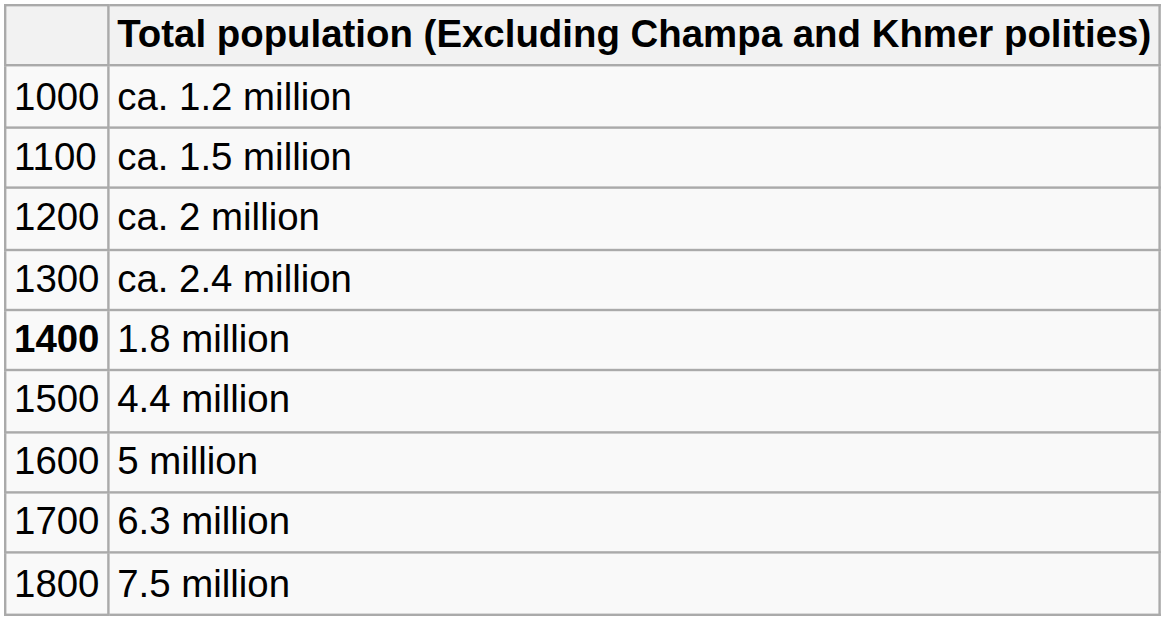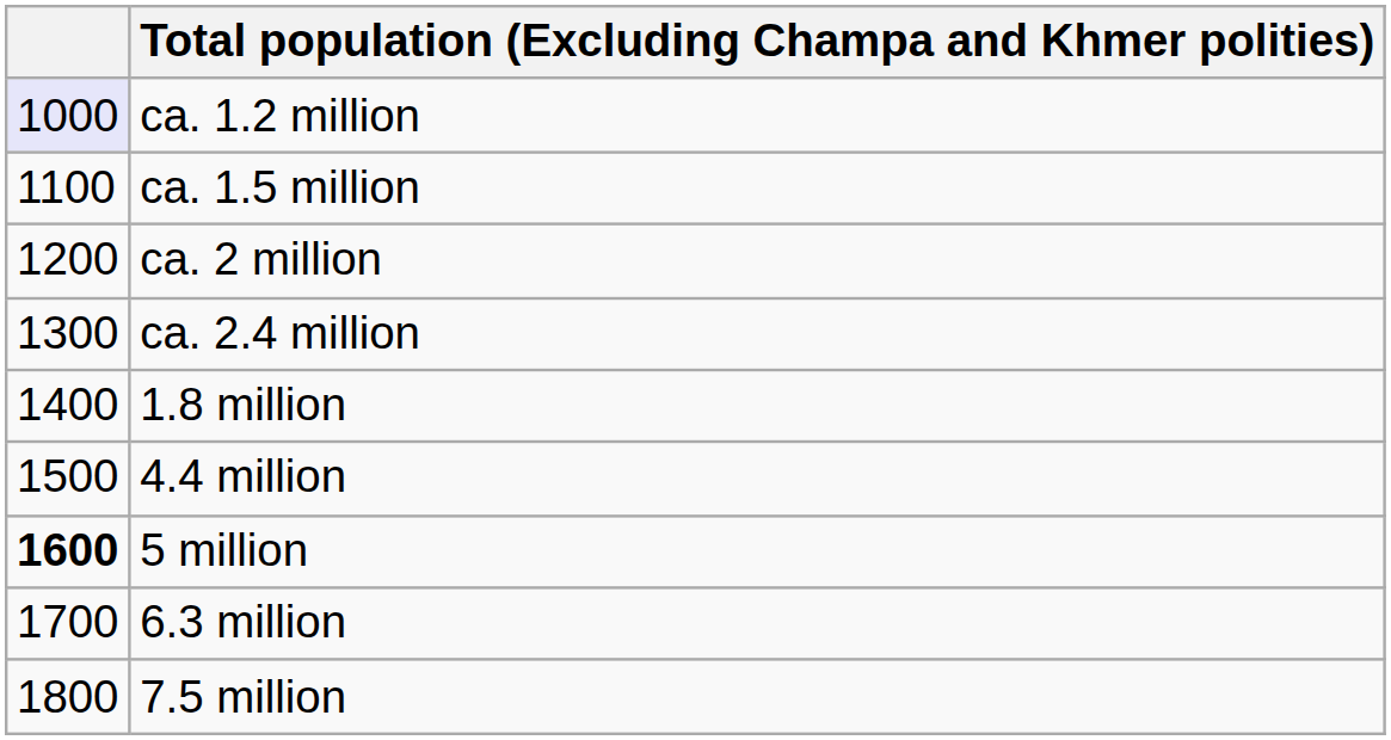 <table class="wikitable">
 <tr>
 <th></th>
 <th>Total population (Excluding Champa and Khmer polities)</th>
 </tr>
 <tr>
-<td>1000</td>
+<td style="background: lavender;">1000</td>
 <td>ca. 1.2 million</td>
 </tr>
 <tr>
 <td>1100</td>
 <td>ca. 1.5 million</td>
 </tr>
 <tr>
 <td>1200</td>
 <td>ca. 2 million</td>
 </tr>
 <tr>
 <td>1300</td>
 <td>ca. 2.4 million</td>
 </tr>
 <tr>
-<td><strong>1400</strong></td>
+<td>1400</td>
 <td>1.8 million</td>
 </tr>
 <tr>
 <td>1500</td>
 <td>4.4 million</td>
 </tr>
 <tr>
-<td>1600</td>
+<td><strong>1600</strong></td>
 <td>5 million</td>
 </tr>
 <tr>
 <td>1700</td>
 <td>6.3 million</td>
 </tr>
 <tr>
 <td>1800</td>
 <td>7.5 million</td>
 </tr>
 </table>
